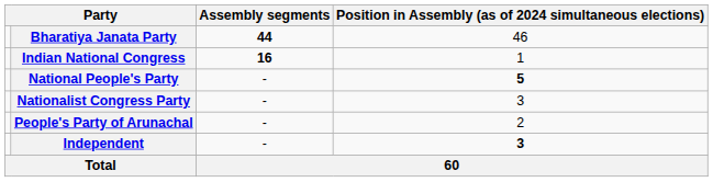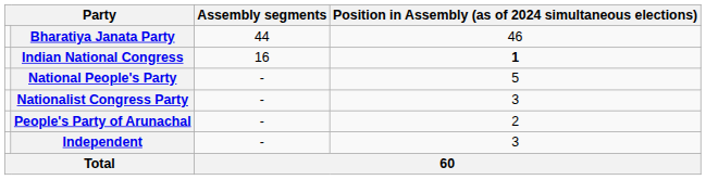 <table class="wikitable" style="text-align:center">
 <tr>
 <th colspan=2>Party</th>
 <th>Assembly segments</th>
 <th>Position in Assembly (as of 2024 simultaneous elections)</th>
 </tr>
 <tr>
 <td></td>
 <th><a href='#'>Bharatiya Janata Party</a></th>
-<td><strong>44</strong></td>
+<td>44</td>
 <td>46</td>
 </tr>
 <tr>
 <td></td>
 <th><a href='#'>Indian National Congress</a></th>
-<td><strong>16</strong></td>
-<td>1</td>
+<td>16</td>
+<td><strong>1</strong></td>
 </tr>
 <tr>
 <td></td>
 <th><a href='#'>National People's Party</a></th>
 <td>-</td>
-<td><strong>5</strong></td>
+<td>5</td>
 </tr>
 <tr>
 <td></td>
 <th><a href='#'>Nationalist Congress Party</a></th>
 <td>-</td>
 <td>3</td>
 </tr>
 <tr>
 <td></td>
 <th><a href='#'>People's Party of Arunachal</a></th>
 <td>-</td>
 <td>2</td>
 </tr>
 <tr>
 <td></td>
 <th><a href='#'>Independent</a></th>
 <td>-</td>
-<td><strong>3</strong></td>
+<td>3</td>
 </tr>
 <tr>
 <th colspan=2>Total</th>
 <th colspan=2>60</th>
 </tr>
 </table>
